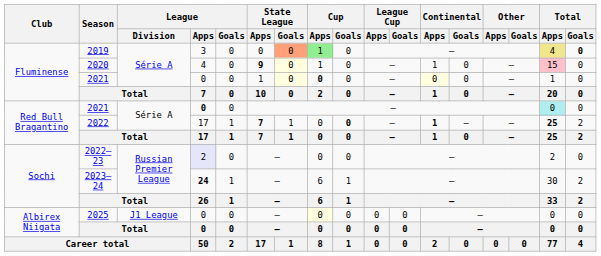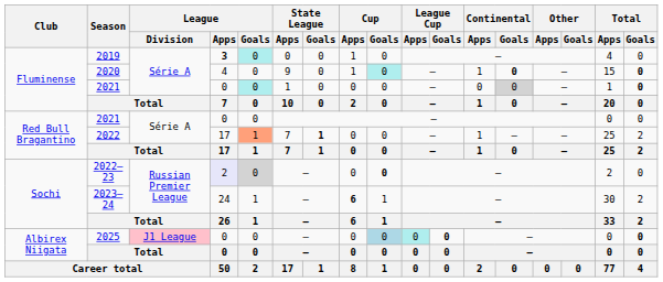 <table class="wikitable" style="text-align: center">
 <tr>
 <th rowspan="2">Club</th>
 <th rowspan="2">Season</th>
 <th colspan="3">League</th>
 <th colspan="2">State League</th>
 <th colspan="2">Cup</th>
 <th colspan="2">League Cup</th>
 <th colspan="2">Continental</th>
 <th colspan="2">Other</th>
 <th colspan="2">Total</th>
 </tr>
 <tr>
 <th>Division</th>
 <th>Apps</th>
 <th>Goals</th>
 <th>Apps</th>
 <th>Goals</th>
 <th>Apps</th>
 <th>Goals</th>
 <th>Apps</th>
 <th>Goals</th>
 <th>Apps</th>
 <th>Goals</th>
 <th>Apps</th>
 <th>Goals</th>
 <th>Apps</th>
 <th>Goals</th>
 </tr>
 <tr>
 <td rowspan="4"><a href='#'>Fluminense</a></td>
 <td><a href='#'>2019</a></td>
 <td rowspan="3"><a href='#'>Série A</a></td>
-<td>3</td>
+<td><strong>3</strong></td>
+<td style="background: paleturquoise;">0</td>
 <td>0</td>
 <td>0</td>
-<td style="background: lightsalmon;">0</td>
-<td style="background: lightgreen;">1</td>
+<td>1</td>
 <td>0</td>
 <td colspan="6">—</td>
-<td style="background: khaki;">4</td>
-<td><strong>0</strong></td>
+<td>4</td>
+<td>0</td>
 </tr>
 <tr>
 <td><a href='#'>2020</a></td>
 <td>4</td>
 <td>0</td>
-<td><strong>9</strong></td>
-<td style="background: lightyellow;">0</td>
+<td>9</td>
+<td>0</td>
 <td>1</td>
-<td>0</td>
+<td style="background: paleturquoise;">0</td>
 <td colspan="2">—</td>
 <td>1</td>
-<td>0</td>
+<td><strong>0</strong></td>
 <td colspan="2">—</td>
-<td style="background: pink;">15</td>
-<td>0</td>
+<td>15</td>
+<td><strong>0</strong></td>
 </tr>
 <tr>
 <td><a href='#'>2021</a></td>
 <td>0</td>
+<td style="background: paleturquoise;">0</td>
+<td>1</td>
 <td>0</td>
-<td>1</td>
-<td style="background: lightyellow;">0</td>
-<td><strong>0</strong></td>
+<td>0</td>
 <td>0</td>
 <td colspan="2">—</td>
-<td style="background: lightyellow;">0</td>
 <td>0</td>
+<td style="background: lightgrey;">0</td>
 <td colspan="2">—</td>
 <td>1</td>
-<td>0</td>
+<td><strong>0</strong></td>
 </tr>
 <tr>
 <th colspan="2">Total</th>
 <th>7</th>
 <th>0</th>
 <th>10</th>
 <th>0</th>
 <th>2</th>
 <th>0</th>
 <th colspan="2">—</th>
 <th>1</th>
 <th>0</th>
 <th colspan="2">—</th>
 <th>20</th>
 <th>0</th>
 </tr>
 <tr>
 <td rowspan="3"><a href='#'>Red Bull Bragantino</a></td>
 <td><a href='#'>2021</a></td>
 <td rowspan="2">Série A</td>
-<td><strong>0</strong></td>
+<td>0</td>
 <td>0</td>
 <td colspan="10">—</td>
-<td style="background: paleturquoise;">0</td>
+<td>0</td>
 <td>0</td>
 </tr>
 <tr>
 <td><a href='#'>2022</a></td>
 <td>17</td>
+<td style="background: lightsalmon;">1</td>
+<td>7</td>
+<td><strong>1</strong></td>
+<td>0</td>
+<td>0</td>
+<td colspan="2">—</td>
 <td>1</td>
-<td><strong>7</strong></td>
-<td>1</td>
-<td>0</td>
-<td><strong>0</strong></td>
-<td colspan="2">—</td>
-<td><strong>1</strong></td>
 <td>—</td>
 <td colspan="2">—</td>
-<td><strong>25</strong></td>
+<td>25</td>
 <td>2</td>
 </tr>
 <tr>
 <th colspan="2">Total</th>
 <th>17</th>
 <th>1</th>
 <th>7</th>
 <th>1</th>
 <th>0</th>
 <th>0</th>
 <th colspan="2">—</th>
 <th>1</th>
 <th>0</th>
 <th colspan="2">—</th>
 <th>25</th>
 <th>2</th>
 </tr>
 <tr>
 <td rowspan="3"><a href='#'>Sochi</a></td>
 <td><a href='#'>2022–23</a></td>
 <td rowspan="2"><a href='#'>Russian Premier League</a></td>
 <td style="background: lavender;">2</td>
-<td>0</td>
+<td style="background: lightgrey;">0</td>
 <td colspan="2">—</td>
 <td>0</td>
-<td>0</td>
+<td><strong>0</strong></td>
 <td colspan="6">—</td>
 <td>2</td>
 <td>0</td>
 </tr>
 <tr>
 <td><a href='#'>2023–24</a></td>
-<td><strong>24</strong></td>
+<td>24</td>
 <td>1</td>
 <td colspan="2">—</td>
-<td>6</td>
+<td><strong>6</strong></td>
 <td>1</td>
 <td colspan="6">—</td>
 <td>30</td>
 <td>2</td>
 </tr>
 <tr>
 <th colspan="2">Total</th>
 <th>26</th>
 <th>1</th>
 <th colspan="2">—</th>
 <th>6</th>
 <th>1</th>
 <th colspan="6">—</th>
 <th>33</th>
 <th>2</th>
 </tr>
 <tr>
 <td rowspan="2"><a href='#'>Albirex Niigata</a></td>
 <td><a href='#'>2025</a></td>
-<td><a href='#'>J1 League</a></td>
+<td style="background: pink;"><a href='#'>J1 League</a></td>
 <td>0</td>
 <td>0</td>
 <td colspan="2">—</td>
-<td style="background: lightyellow;">0</td>
 <td>0</td>
-<td>0</td>
-<td>0</td>
+<td style="background: lightblue;">0</td>
+<td style="background: paleturquoise;">0</td>
+<td><strong>0</strong></td>
 <td colspan="4">—</td>
 <td>0</td>
-<td>0</td>
+<td><strong>0</strong></td>
 </tr>
 <tr>
 <th colspan="2">Total</th>
 <th>0</th>
 <th>0</th>
 <th colspan="2">—</th>
 <th>0</th>
 <th>0</th>
 <th>0</th>
 <th>0</th>
 <th colspan="4">—</th>
 <th>0</th>
 <th>0</th>
 </tr>
 <tr>
 <th colspan="3">Career total</th>
 <th>50</th>
 <th>2</th>
 <th>17</th>
 <th>1</th>
 <th>8</th>
 <th>1</th>
 <th>0</th>
 <th>0</th>
 <th>2</th>
 <th>0</th>
 <th>0</th>
 <th>0</th>
 <th>77</th>
 <th>4</th>
 </tr>
 </table>
